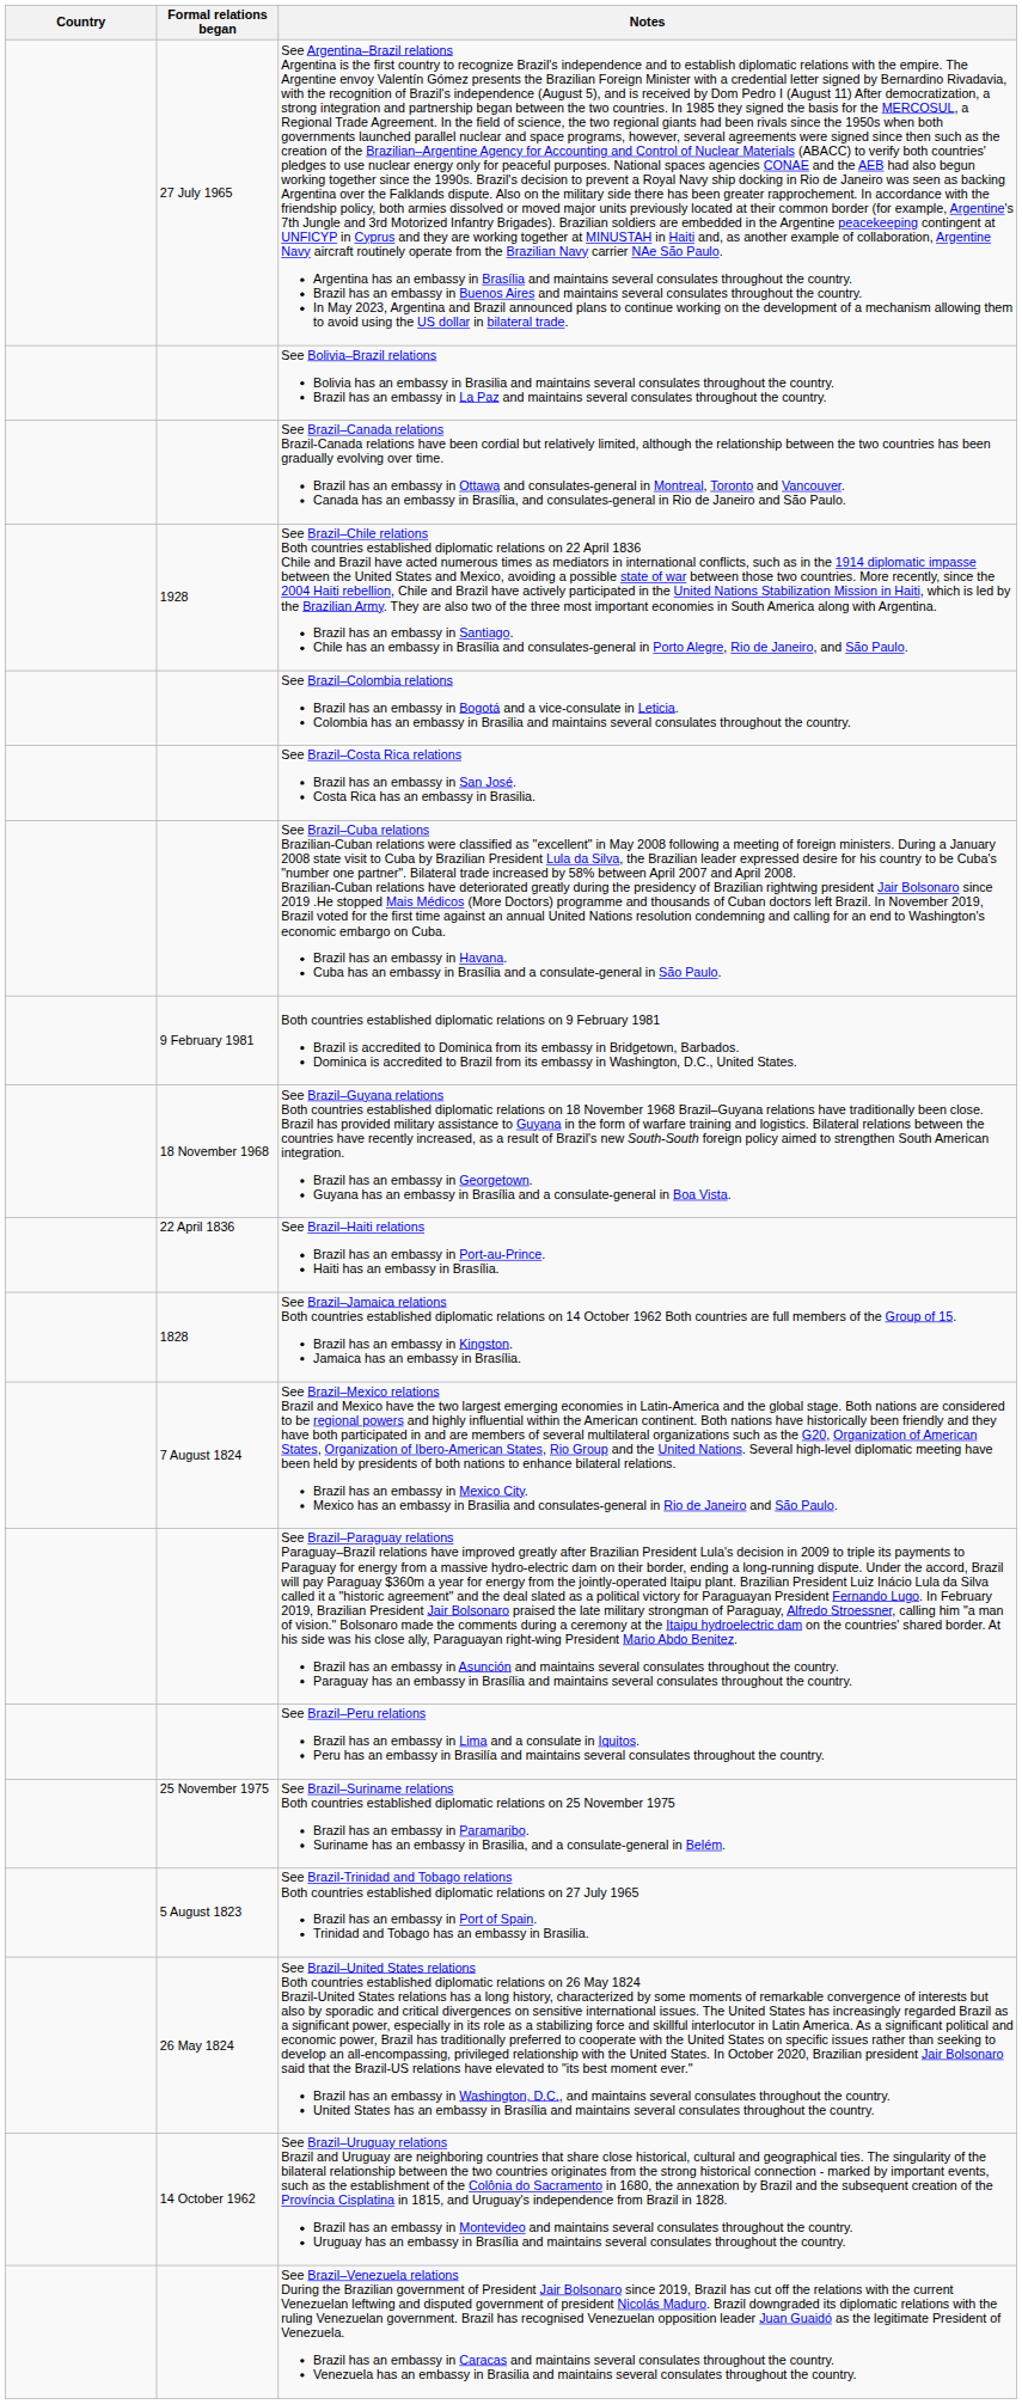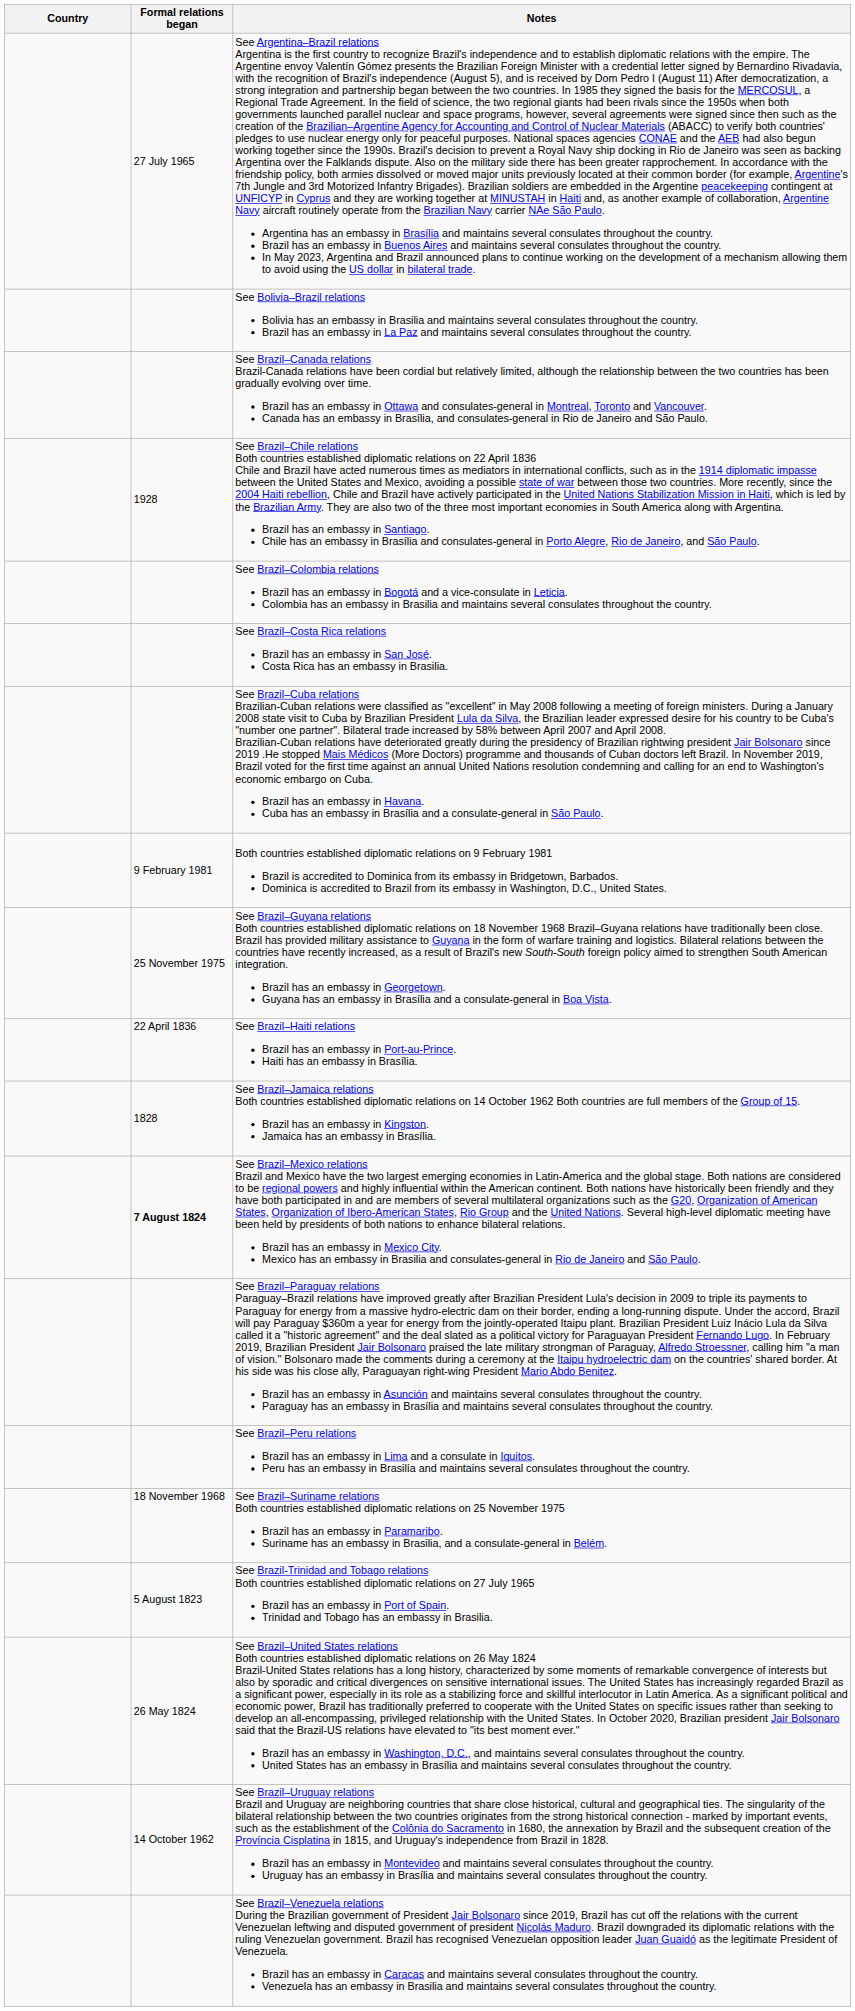 <table class="wikitable sortable" style="width:100%; margin:auto;">
 <tr>
 <th style="width:15%;">Country</th>
 <th style="width:12%;">Formal relations began</th>
 <th>Notes</th>
 </tr>
 <tr -valign="top">
 <td></td>
 <td>27 July 1965</td>
 <td>See <a href='#'>Argentina–Brazil relations</a><br>Argentina is the first country to recognize Brazil's independence and to establish diplomatic relations with the empire. The Argentine envoy Valentín Gómez presents the Brazilian Foreign Minister with a credential letter signed by Bernardino Rivadavia, with the recognition of Brazil's independence (August 5), and is received by Dom Pedro I (August 11) After democratization, a strong integration and partnership began between the two countries. In 1985 they signed the basis for the <a href='#'>MERCOSUL</a>, a Regional Trade Agreement. In the field of science, the two regional giants had been rivals since the 1950s when both governments launched parallel nuclear and space programs, however, several agreements were signed since then such as the creation of the <a href='#'>Brazilian–Argentine Agency for Accounting and Control of Nuclear Materials</a> (ABACC) to verify both countries' pledges to use nuclear energy only for peaceful purposes. National spaces agencies <a href='#'>CONAE</a> and the <a href='#'>AEB</a> had also begun working together since the 1990s. Brazil's decision to prevent a Royal Navy ship docking in Rio de Janeiro was seen as backing Argentina over the Falklands dispute. Also on the military side there has been greater rapprochement. In accordance with the friendship policy, both armies dissolved or moved major units previously located at their common border (for example, <a href='#'>Argentine</a>'s 7th Jungle and 3rd Motorized Infantry Brigades). Brazilian soldiers are embedded in the Argentine <a href='#'>peacekeeping</a> contingent at <a href='#'>UNFICYP</a> in <a href='#'>Cyprus</a> and they are working together at <a href='#'>MINUSTAH</a> in <a href='#'>Haiti</a> and, as another example of collaboration, <a href='#'>Argentine Navy</a> aircraft routinely operate from the <a href='#'>Brazilian Navy</a> carrier <a href='#'>NAe São Paulo</a>.<ul><li>Argentina has an embassy in <a href='#'>Brasília</a> and maintains several consulates throughout the country.</li><li>Brazil has an embassy in <a href='#'>Buenos Aires</a> and maintains several consulates throughout the country.</li><li>In May 2023, Argentina and Brazil announced plans to continue working on the development of a mechanism allowing them to avoid using the <a href='#'>US dollar</a> in <a href='#'>bilateral trade</a>.</li></ul></td>
 </tr>
 <tr valign="top">
 <td></td>
 <td></td>
 <td>See <a href='#'>Bolivia–Brazil relations</a><br><ul><li>Bolivia has an embassy in Brasilia and maintains several consulates throughout the country.</li><li>Brazil has an embassy in <a href='#'>La Paz</a> and maintains several consulates throughout the country.</li></ul></td>
 </tr>
 <tr -valign="top">
 <td></td>
 <td></td>
 <td>See <a href='#'>Brazil–Canada relations</a><br>Brazil-Canada relations have been cordial but relatively limited, although the relationship between the two countries has been gradually evolving over time.<ul><li>Brazil has an embassy in <a href='#'>Ottawa</a> and consulates-general in <a href='#'>Montreal</a>, <a href='#'>Toronto</a> and <a href='#'>Vancouver</a>.</li><li>Canada has an embassy in Brasília, and consulates-general in Rio de Janeiro and São Paulo.</li></ul></td>
 </tr>
 <tr -valign="top">
 <td></td>
 <td>1928</td>
 <td>See <a href='#'>Brazil–Chile relations</a><br>Both countries established diplomatic relations on 22 April 1836<br>Chile and Brazil have acted numerous times as mediators in international conflicts, such as in the <a href='#'>1914 diplomatic impasse</a> between the United States and Mexico, avoiding a possible <a href='#'>state of war</a> between those two countries. More recently, since the <a href='#'>2004 Haiti rebellion</a>, Chile and Brazil have actively participated in the <a href='#'>United Nations Stabilization Mission in Haiti</a>, which is led by the <a href='#'>Brazilian Army</a>. They are also two of the three most important economies in South America along with Argentina.<ul><li>Brazil has an embassy in <a href='#'>Santiago</a>.</li><li>Chile has an embassy in Brasília and consulates-general in <a href='#'>Porto Alegre</a>, <a href='#'>Rio de Janeiro</a>, and <a href='#'>São Paulo</a>.</li></ul></td>
 </tr>
 <tr valign="top">
 <td></td>
 <td></td>
 <td>See <a href='#'>Brazil–Colombia relations</a><br><ul><li>Brazil has an embassy in <a href='#'>Bogotá</a> and a vice-consulate in <a href='#'>Leticia</a>.</li><li>Colombia has an embassy in Brasilia and maintains several consulates throughout the country.</li></ul></td>
 </tr>
 <tr valign="top">
 <td></td>
 <td></td>
 <td>See <a href='#'>Brazil–Costa Rica relations</a><br><ul><li>Brazil has an embassy in <a href='#'>San José</a>.</li><li>Costa Rica has an embassy in Brasilia.</li></ul></td>
 </tr>
 <tr -valign="top">
 <td></td>
 <td></td>
 <td>See <a href='#'>Brazil–Cuba relations</a><br>Brazilian-Cuban relations were classified as "excellent" in May 2008 following a meeting of foreign ministers. During a January 2008 state visit to Cuba by Brazilian President <a href='#'>Lula da Silva</a>, the Brazilian leader expressed desire for his country to be Cuba's "number one partner". Bilateral trade increased by 58% between April 2007 and April 2008.<br>Brazilian-Cuban relations  have deteriorated greatly  during the presidency of Brazilian rightwing president <a href='#'>Jair Bolsonaro</a> since 2019 .He stopped <a href='#'>Mais Médicos</a> (More Doctors) programme and  thousands of Cuban doctors left Brazil. In November 2019, Brazil voted for the first time against an annual United Nations resolution condemning and calling for an end to Washington's economic embargo on Cuba.<ul><li>Brazil has an embassy in <a href='#'>Havana</a>.</li><li>Cuba has an embassy in Brasília and a consulate-general in <a href='#'>São Paulo</a>.</li></ul></td>
 </tr>
 <tr -valign="top">
 <td></td>
 <td>9 February 1981</td>
 <td><br>Both countries established diplomatic relations on 9 February 1981<ul><li>Brazil is accredited to Dominica from its embassy in Bridgetown, Barbados.</li><li>Dominica is accredited to Brazil from its embassy in Washington, D.C., United States.</li></ul></td>
 </tr>
 <tr -valign="top">
 <td></td>
-<td>18 November 1968</td>
+<td>25 November 1975</td>
 <td>See <a href='#'>Brazil–Guyana relations</a><br>Both countries established diplomatic relations on 18 November 1968 Brazil–Guyana relations have traditionally been close. Brazil has provided military assistance to <a href='#'>Guyana</a> in the form of warfare training and logistics. Bilateral relations between the countries have recently increased, as a result of Brazil's new <em>South-South</em> foreign policy aimed to strengthen South American integration.<ul><li>Brazil has an embassy in <a href='#'>Georgetown</a>.</li><li>Guyana has an embassy in Brasília and a consulate-general in <a href='#'>Boa Vista</a>.</li></ul></td>
 </tr>
 <tr valign="top">
 <td></td>
 <td>22 April 1836</td>
 <td>See <a href='#'>Brazil–Haiti relations</a><br><ul><li>Brazil has an embassy in <a href='#'>Port-au-Prince</a>.</li><li>Haiti has an embassy in Brasília.</li></ul></td>
 </tr>
 <tr -valign="top">
 <td></td>
 <td>1828</td>
 <td>See <a href='#'>Brazil–Jamaica relations</a><br>Both countries established diplomatic relations on 14 October 1962 Both countries are full members of the <a href='#'>Group of 15</a>.<ul><li>Brazil has an embassy in <a href='#'>Kingston</a>.</li><li>Jamaica has an embassy in Brasília.</li></ul></td>
 </tr>
 <tr -valign="top">
 <td></td>
-<td>7 August 1824</td>
+<td><strong>7 August 1824</strong></td>
 <td>See <a href='#'>Brazil–Mexico relations</a><br>Brazil and Mexico have the two largest emerging economies in Latin-America and the global stage. Both nations are considered to be <a href='#'>regional powers</a> and highly influential within the American continent. Both nations have historically been friendly and they have both participated in and are members of several multilateral organizations such as the <a href='#'>G20</a>, <a href='#'>Organization of American States</a>, <a href='#'>Organization of Ibero-American States</a>, <a href='#'>Rio Group</a> and the <a href='#'>United Nations</a>. Several high-level diplomatic meeting have been held by presidents of both nations to enhance bilateral relations.<ul><li>Brazil has an embassy in <a href='#'>Mexico City</a>.</li><li>Mexico has an embassy in Brasilia and consulates-general in <a href='#'>Rio de Janeiro</a> and <a href='#'>São Paulo</a>.</li></ul></td>
 </tr>
 <tr -valign="top">
 <td></td>
 <td></td>
 <td>See <a href='#'>Brazil–Paraguay relations</a><br>Paraguay–Brazil relations have improved greatly after Brazilian President Lula's decision in 2009 to triple its payments to Paraguay for energy from a massive hydro-electric dam on their border, ending a long-running dispute. Under the accord, Brazil will pay Paraguay $360m a year for energy from the jointly-operated Itaipu plant. Brazilian President Luiz Inácio Lula da Silva called it a "historic agreement" and the deal slated as a political victory for Paraguayan President <a href='#'>Fernando Lugo</a>.  In February 2019, Brazilian President <a href='#'>Jair Bolsonaro</a> praised the late military strongman of Paraguay, <a href='#'>Alfredo Stroessner</a>, calling him "a man of vision." Bolsonaro made the comments during a ceremony at the <a href='#'>Itaipu hydroelectric dam</a> on the countries' shared border. At his side was his close ally, Paraguayan right-wing President <a href='#'>Mario Abdo Benitez</a>.<ul><li>Brazil has an embassy in <a href='#'>Asunción</a> and maintains several consulates throughout the country.</li><li>Paraguay has an embassy in Brasília and maintains several consulates throughout the country.</li></ul></td>
 </tr>
 <tr valign="top">
 <td></td>
 <td></td>
 <td>See <a href='#'>Brazil–Peru relations</a><br><ul><li>Brazil has an embassy in <a href='#'>Lima</a> and a consulate in <a href='#'>Iquitos</a>.</li><li>Peru has an embassy in Brasilía and maintains several consulates throughout the country.</li></ul></td>
 </tr>
 <tr valign="top">
 <td></td>
-<td>25 November 1975</td>
+<td>18 November 1968</td>
 <td>See <a href='#'>Brazil–Suriname relations</a><br>Both countries established diplomatic relations on 25 November 1975<ul><li>Brazil has an embassy in <a href='#'>Paramaribo</a>.</li><li>Suriname has an embassy in Brasilia, and a consulate-general in <a href='#'>Belém</a>.</li></ul></td>
 </tr>
 <tr -valign="top">
 <td></td>
 <td>5 August 1823</td>
 <td>See <a href='#'>Brazil-Trinidad and Tobago relations</a><br>Both countries established diplomatic relations on 27 July 1965<ul><li>Brazil has an embassy in <a href='#'>Port of Spain</a>.</li><li>Trinidad and Tobago has an embassy in Brasilia.</li></ul></td>
 </tr>
 <tr -valign="top">
 <td></td>
 <td>26 May 1824</td>
 <td>See <a href='#'>Brazil–United States relations</a><br>Both countries established diplomatic relations on 26 May 1824<br>Brazil-United States relations has a long history, characterized by some moments of remarkable convergence of interests but also by sporadic and critical divergences on sensitive international issues. The United States has increasingly regarded Brazil as a significant power, especially in its role as a stabilizing force and skillful interlocutor in Latin America. As a significant political and economic power, Brazil has traditionally preferred to cooperate with the United States on specific issues rather than seeking to develop an all-encompassing, privileged relationship with the United States. In October 2020, Brazilian president <a href='#'>Jair Bolsonaro</a> said that the Brazil-US relations have elevated to "its best moment ever."<ul><li>Brazil has an embassy in <a href='#'>Washington, D.C.</a>, and maintains several consulates throughout the country.</li><li>United States has an embassy in Brasília and maintains several consulates throughout the country.</li></ul></td>
 </tr>
 <tr -valign="top">
 <td></td>
 <td>14 October 1962</td>
 <td>See <a href='#'>Brazil–Uruguay relations</a><br>Brazil and Uruguay are neighboring countries that share close historical, cultural and geographical ties. The singularity of the bilateral relationship between the two countries originates from the strong historical connection - marked by important events, such as the establishment of the <a href='#'>Colônia do Sacramento</a> in 1680, the annexation by Brazil and the subsequent creation of the <a href='#'>Província Cisplatina</a> in 1815, and Uruguay's independence from Brazil in 1828.<ul><li>Brazil has an embassy in <a href='#'>Montevideo</a> and maintains several consulates throughout the country.</li><li>Uruguay has an embassy in Brasília and maintains several consulates throughout the country.</li></ul></td>
 </tr>
 <tr valign="top">
 <td></td>
 <td></td>
 <td>See <a href='#'>Brazil–Venezuela relations</a><br>During the Brazilian government of President <a href='#'>Jair Bolsonaro</a> since 2019, Brazil has cut  off the relations with the current Venezuelan leftwing and disputed government of president <a href='#'>Nicolás Maduro</a>. Brazil downgraded its diplomatic relations with the ruling Venezuelan government. Brazil has recognised Venezuelan opposition leader <a href='#'>Juan Guaidó</a> as the legitimate President of Venezuela.<ul><li>Brazil has an embassy in <a href='#'>Caracas</a> and maintains several consulates throughout the country.</li><li>Venezuela has an embassy in Brasilia and maintains several consulates throughout the country.</li></ul></td>
 </tr>
 </table>
